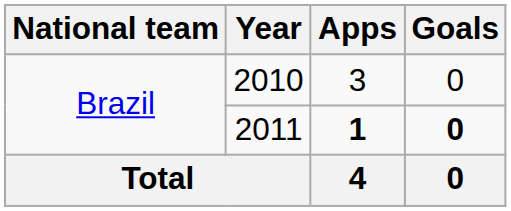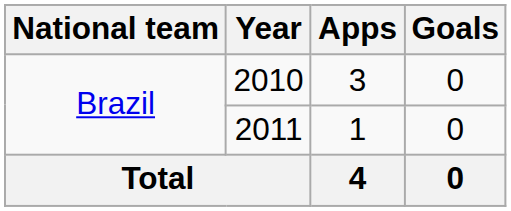 <table class="wikitable" style="text-align:center">
 <tr>
 <th>National team</th>
 <th>Year</th>
 <th>Apps</th>
 <th>Goals</th>
 </tr>
 <tr>
 <td rowspan="2"><a href='#'>Brazil</a></td>
 <td>2010</td>
 <td>3</td>
 <td>0</td>
 </tr>
 <tr>
 <td>2011</td>
-<td><strong>1</strong></td>
-<td><strong>0</strong></td>
+<td>1</td>
+<td>0</td>
 </tr>
 <tr>
 <th colspan="2">Total</th>
 <th>4</th>
 <th>0</th>
 </tr>
 </table>
